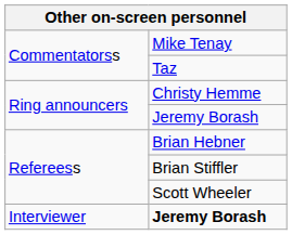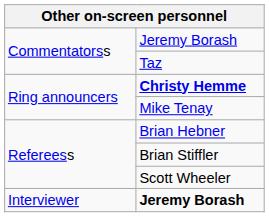 <table align="right" class="wikitable" style="border:1px; font-size:90%; margin-left:1em;">
 <tr>
 <th colspan="2" width="250"><strong>Other on-screen personnel</strong></th>
 </tr>
 <tr>
 <td rowspan=2><a href='#'>Commentators</a>s</td>
-<td><a href='#'>Mike Tenay</a></td>
+<td><a href='#'>Jeremy Borash</a> </td>
 </tr>
 <tr>
 <td><a href='#'>Taz</a></td>
 </tr>
 <tr>
 <td rowspan=2><a href='#'>Ring announcers</a></td>
-<td><a href='#'>Christy Hemme</a></td>
+<td><strong><a href='#'>Christy Hemme</a></strong></td>
 </tr>
 <tr>
-<td><a href='#'>Jeremy Borash</a> </td>
+<td><a href='#'>Mike Tenay</a></td>
 </tr>
 <tr>
 <td rowspan=3><a href='#'>Referees</a>s</td>
 <td><a href='#'>Brian Hebner</a></td>
 </tr>
 <tr>
 <td>Brian Stiffler</td>
 </tr>
 <tr>
 <td>Scott Wheeler</td>
 </tr>
 <tr>
 <td rowspan=1><a href='#'>Interviewer</a></td>
 <td><strong>Jeremy Borash</strong></td>
 </tr>
 <tr>
 </tr>
 </table>
